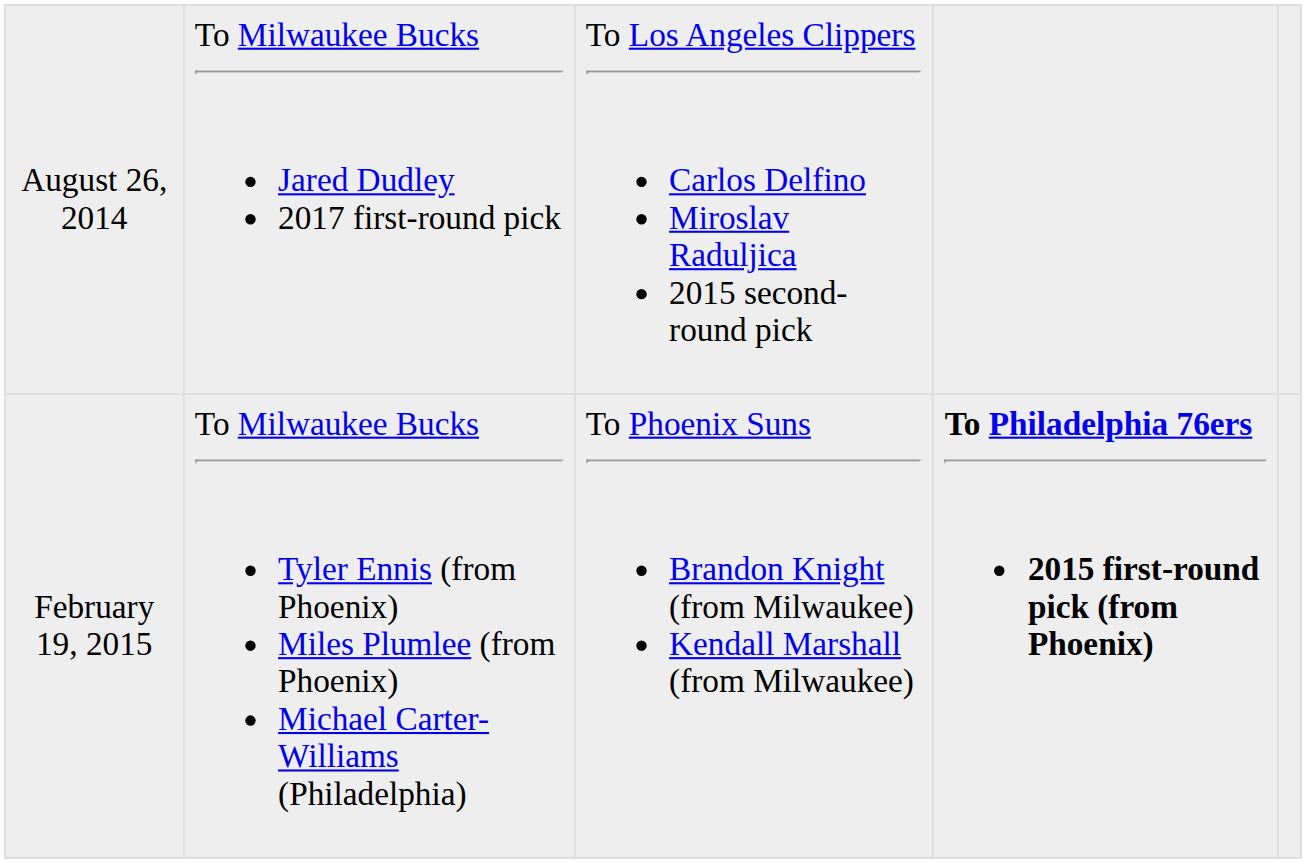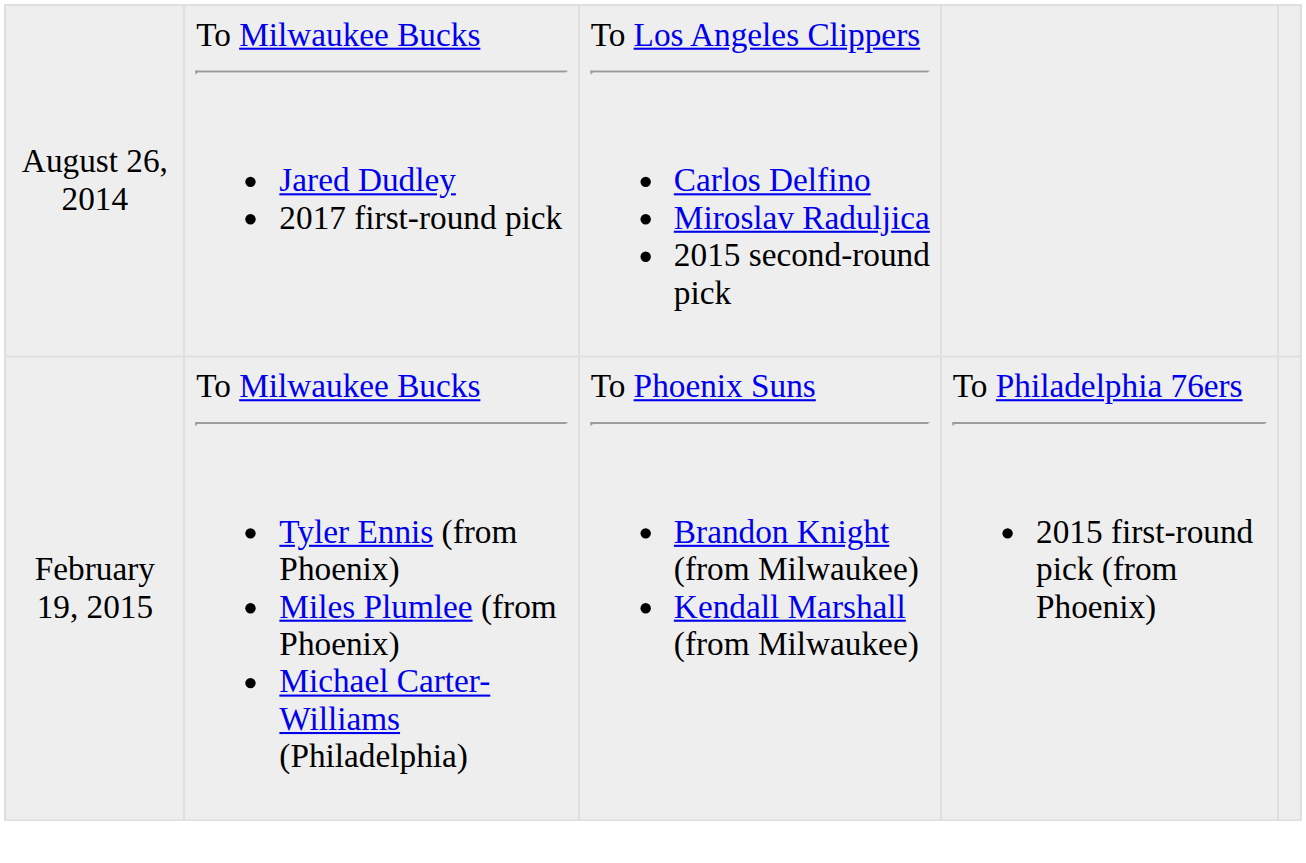 <table border=1 style="border-collapse:collapse; text-align: center; width: 100%" bordercolor="#DFDFDF"  cellpadding="5">
 <tr bgcolor="eeeeee">
 <td>August 26, 2014</td>
 <td align=left valign=top>To <a href='#'>Milwaukee Bucks</a><hr><br><ul><li><a href='#'>Jared Dudley</a></li><li>2017 first-round pick</li></ul></td>
 <td align=left valign=top>To <a href='#'>Los Angeles Clippers</a><hr><br><ul><li><a href='#'>Carlos Delfino</a></li><li><a href='#'>Miroslav Raduljica</a></li><li>2015 second-round pick</li></ul></td>
 <td></td>
 <td></td>
 </tr>
 <tr bgcolor="eeeeee">
 <td>February 19, 2015</td>
 <td align=left valign=top>To <a href='#'>Milwaukee Bucks</a><hr><br><ul><li><a href='#'>Tyler Ennis</a> (from Phoenix)</li><li><a href='#'>Miles Plumlee</a> (from Phoenix)</li><li><a href='#'>Michael Carter-Williams</a> (Philadelphia)</li></ul></td>
 <td align=left valign=top>To <a href='#'>Phoenix Suns</a><hr><br><ul><li><a href='#'>Brandon Knight</a> (from Milwaukee)</li><li><a href='#'>Kendall Marshall</a> (from Milwaukee)</li></ul></td>
-<td style="text-align:left; vertical-align:top;"><strong>To <a href='#'>Philadelphia 76ers</a><hr><br><ul><li>2015 first-round pick (from Phoenix)</li></ul></strong></td>
+<td style="text-align:left; vertical-align:top;">To <a href='#'>Philadelphia 76ers</a><hr><br><ul><li>2015 first-round pick (from Phoenix)</li></ul></td>
 <td></td>
 </tr>
 </table>
